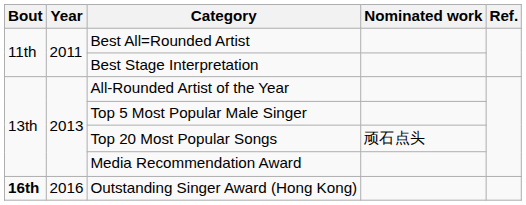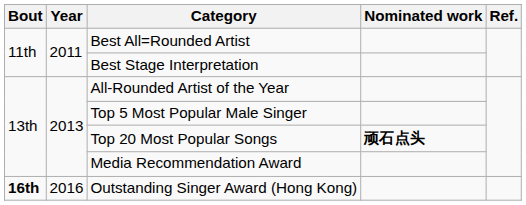 <table class="wikitable">
 <tr>
 <th>Bout</th>
 <th>Year</th>
 <th>Category</th>
 <th>Nominated work</th>
 <th>Ref.</th>
 </tr>
 <tr>
 <td rowspan=2>11th</td>
 <td rowspan=2>2011</td>
 <td>Best All=Rounded Artist</td>
 <td></td>
 <td rowspan=2></td>
 </tr>
 <tr>
 <td>Best Stage Interpretation</td>
 <td></td>
 </tr>
 <tr>
 <td rowspan=4>13th</td>
 <td rowspan=4>2013</td>
 <td>All-Rounded Artist of the Year</td>
 <td></td>
 <td rowspan=4></td>
 </tr>
 <tr>
 <td>Top 5 Most Popular Male Singer</td>
 <td></td>
 </tr>
 <tr>
 <td>Top 20 Most Popular Songs</td>
-<td>顽石点头</td>
+<td><strong>顽石点头</strong></td>
 </tr>
 <tr>
 <td>Media Recommendation Award</td>
 <td></td>
 </tr>
 <tr>
 <td><strong>16th</strong></td>
 <td>2016</td>
 <td>Outstanding Singer Award (Hong Kong)</td>
 <td></td>
 <td></td>
 </tr>
 </table>
